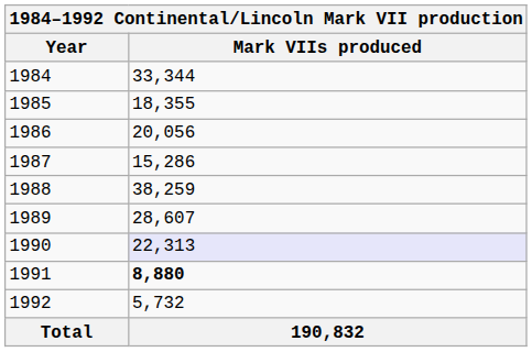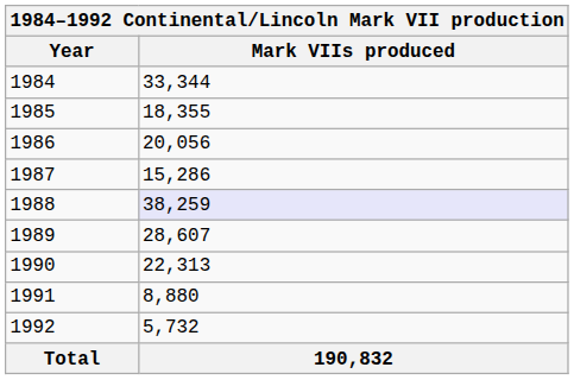 <table class="wikitable">
 <tr>
 <th colspan="2">1984–1992 Continental/Lincoln Mark VII production</th>
 </tr>
 <tr>
 <th>Year</th>
 <th>Mark VIIs produced</th>
 </tr>
 <tr>
 <td>1984</td>
 <td>33,344</td>
 </tr>
 <tr>
 <td>1985</td>
 <td>18,355</td>
 </tr>
 <tr>
 <td>1986</td>
 <td>20,056</td>
 </tr>
 <tr>
 <td>1987</td>
 <td>15,286</td>
 </tr>
 <tr>
 <td>1988</td>
-<td>38,259</td>
+<td style="background: lavender;">38,259</td>
 </tr>
 <tr>
 <td>1989</td>
 <td>28,607</td>
 </tr>
 <tr>
 <td>1990</td>
-<td style="background: lavender;">22,313</td>
+<td>22,313</td>
 </tr>
 <tr>
 <td>1991</td>
-<td><strong>8,880</strong></td>
+<td>8,880</td>
 </tr>
 <tr>
 <td>1992</td>
 <td>5,732</td>
 </tr>
 <tr>
 <th>Total</th>
 <th>190,832</th>
 </tr>
 </table>
